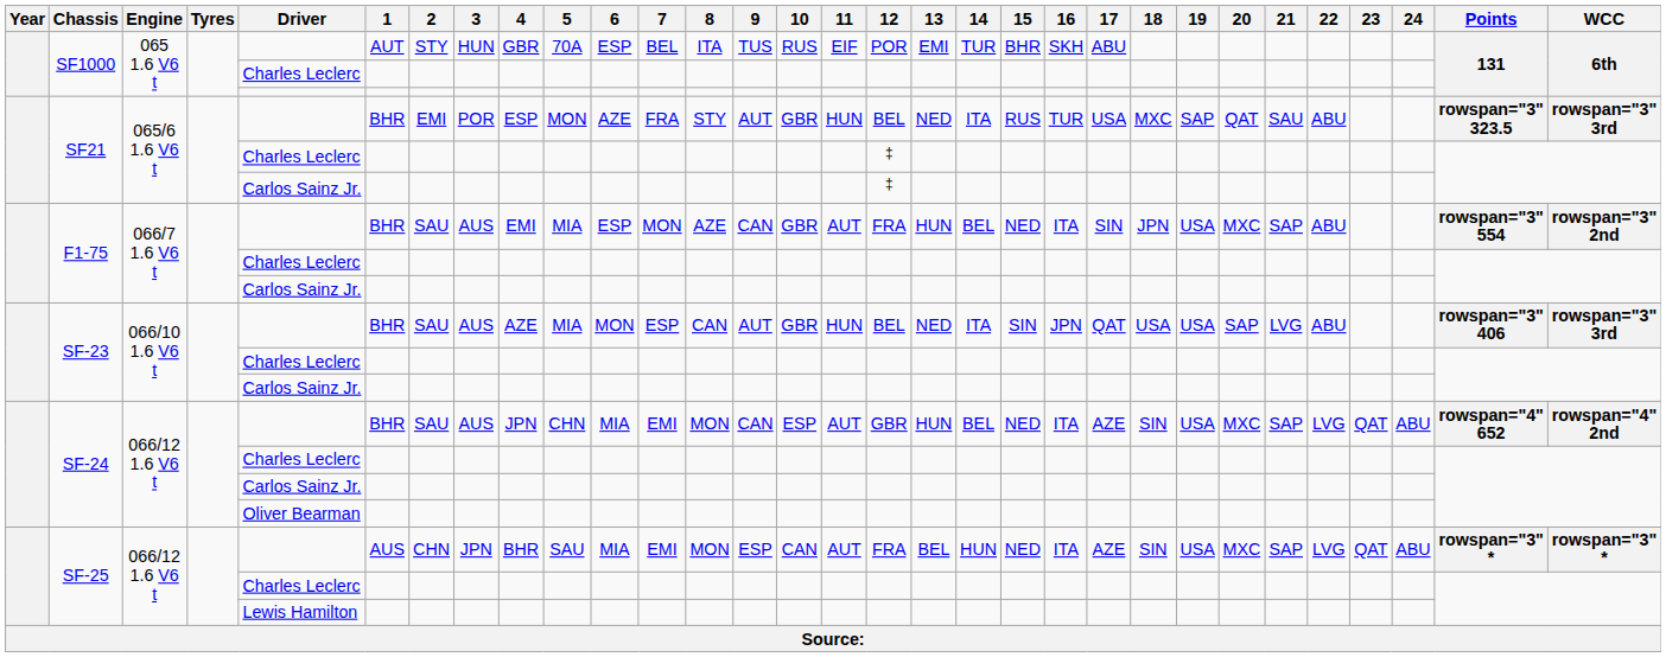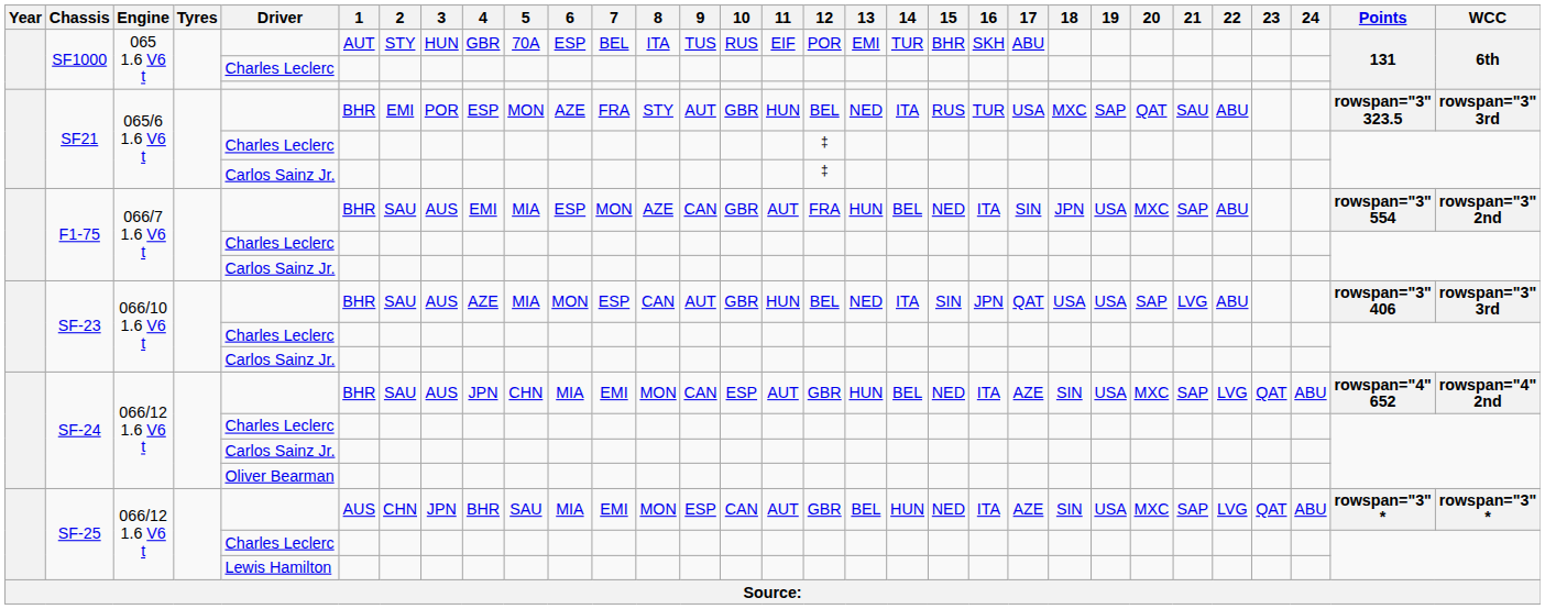 <table class="wikitable" style="text-align:center; font-size:85%">
 <tr>
 <th>Year</th>
 <th>Chassis</th>
 <th>Engine</th>
 <th>Tyres</th>
 <th width="140px">Driver</th>
 <th>1</th>
 <th>2</th>
 <th>3</th>
 <th>4</th>
 <th>5</th>
 <th>6</th>
 <th>7</th>
 <th>8</th>
 <th>9</th>
 <th>10</th>
 <th>11</th>
 <th>12</th>
 <th>13</th>
 <th>14</th>
 <th>15</th>
 <th>16</th>
 <th>17</th>
 <th>18</th>
 <th>19</th>
 <th>20</th>
 <th>21</th>
 <th>22</th>
 <th>23</th>
 <th>24</th>
 <th><a href='#'>Points</a></th>
 <th>WCC</th>
 </tr>
 <tr>
 <th rowspan="3"></th>
 <td rowspan="3"><a href='#'>SF1000</a></td>
 <td rowspan="3">065 1.6 <a href='#'>V6</a> <a href='#'>t</a></td>
 <td rowspan="3"></td>
 <td></td>
 <td><a href='#'>AUT</a></td>
 <td><a href='#'>STY</a></td>
 <td><a href='#'>HUN</a></td>
 <td><a href='#'>GBR</a></td>
 <td><a href='#'>70A</a></td>
 <td><a href='#'>ESP</a></td>
 <td><a href='#'>BEL</a></td>
 <td><a href='#'>ITA</a></td>
 <td><a href='#'>TUS</a></td>
 <td><a href='#'>RUS</a></td>
 <td><a href='#'>EIF</a></td>
 <td><a href='#'>POR</a></td>
 <td><a href='#'>EMI</a></td>
 <td><a href='#'>TUR</a></td>
 <td><a href='#'>BHR</a></td>
 <td><a href='#'>SKH</a></td>
 <td><a href='#'>ABU</a></td>
 <td></td>
 <td></td>
 <td></td>
 <td></td>
 <td></td>
 <td></td>
 <td></td>
 <th rowspan="3">131</th>
 <th rowspan="3">6th</th>
 </tr>
 <tr>
 <td align="left"> <a href='#'>Charles Leclerc</a></td>
 <td></td>
 <td></td>
 <td></td>
 <td></td>
 <td></td>
 <td></td>
 <td></td>
 <td></td>
 <td></td>
 <td></td>
 <td></td>
 <td></td>
 <td></td>
 <td></td>
 <td></td>
 <td></td>
 <td></td>
 <td></td>
 <td></td>
 <td></td>
 <td></td>
 <td></td>
 <td></td>
 <td></td>
 </tr>
 <tr>
 <td align="left"></td>
 <td></td>
 <td></td>
 <td></td>
 <td></td>
 <td></td>
 <td></td>
 <td></td>
 <td></td>
 <td></td>
 <td></td>
 <td></td>
 <td></td>
 <td></td>
 <td></td>
 <td></td>
 <td></td>
 <td></td>
 <td></td>
 <td></td>
 <td></td>
 <td></td>
 <td></td>
 <td></td>
 <td></td>
 </tr>
 <tr>
 <th rowspan="3"></th>
 <td rowspan="3"><a href='#'>SF21</a></td>
 <td rowspan="3">065/6 1.6 <a href='#'>V6</a> <a href='#'>t</a></td>
 <td rowspan="3"></td>
 <td></td>
 <td><a href='#'>BHR</a></td>
 <td><a href='#'>EMI</a></td>
 <td><a href='#'>POR</a></td>
 <td><a href='#'>ESP</a></td>
 <td><a href='#'>MON</a></td>
 <td><a href='#'>AZE</a></td>
 <td><a href='#'>FRA</a></td>
 <td><a href='#'>STY</a></td>
 <td><a href='#'>AUT</a></td>
 <td><a href='#'>GBR</a></td>
 <td><a href='#'>HUN</a></td>
 <td><a href='#'>BEL</a></td>
 <td><a href='#'>NED</a></td>
 <td><a href='#'>ITA</a></td>
 <td><a href='#'>RUS</a></td>
 <td><a href='#'>TUR</a></td>
 <td><a href='#'>USA</a></td>
 <td><a href='#'>MXC</a></td>
 <td><a href='#'>SAP</a></td>
 <td><a href='#'>QAT</a></td>
 <td><a href='#'>SAU</a></td>
 <td><a href='#'>ABU</a></td>
 <td></td>
 <td></td>
 <th>rowspan="3"  323.5</th>
 <th>rowspan="3"  3rd</th>
 </tr>
 <tr>
 <td align="left"> <a href='#'>Charles Leclerc</a></td>
 <td></td>
 <td></td>
 <td></td>
 <td></td>
 <td></td>
 <td></td>
 <td></td>
 <td></td>
 <td></td>
 <td></td>
 <td></td>
 <td><sup>‡</sup></td>
 <td></td>
 <td></td>
 <td></td>
 <td></td>
 <td></td>
 <td></td>
 <td></td>
 <td></td>
 <td></td>
 <td></td>
 <td></td>
 <td></td>
 </tr>
 <tr>
 <td align="left"> <a href='#'>Carlos Sainz Jr.</a></td>
 <td></td>
 <td></td>
 <td></td>
 <td></td>
 <td></td>
 <td></td>
 <td></td>
 <td></td>
 <td></td>
 <td></td>
 <td></td>
 <td><sup>‡</sup></td>
 <td></td>
 <td></td>
 <td></td>
 <td></td>
 <td></td>
 <td></td>
 <td></td>
 <td></td>
 <td></td>
 <td></td>
 <td></td>
 <td></td>
 </tr>
 <tr>
 <th rowspan="3"></th>
 <td rowspan="3"><a href='#'>F1-75</a></td>
 <td rowspan="3">066/7 1.6 <a href='#'>V6</a> <a href='#'>t</a></td>
 <td rowspan="3"></td>
 <td></td>
 <td><a href='#'>BHR</a></td>
 <td><a href='#'>SAU</a></td>
 <td><a href='#'>AUS</a></td>
 <td><a href='#'>EMI</a></td>
 <td><a href='#'>MIA</a></td>
 <td><a href='#'>ESP</a></td>
 <td><a href='#'>MON</a></td>
 <td><a href='#'>AZE</a></td>
 <td><a href='#'>CAN</a></td>
 <td><a href='#'>GBR</a></td>
 <td><a href='#'>AUT</a></td>
 <td><a href='#'>FRA</a></td>
 <td><a href='#'>HUN</a></td>
 <td><a href='#'>BEL</a></td>
 <td><a href='#'>NED</a></td>
 <td><a href='#'>ITA</a></td>
 <td><a href='#'>SIN</a></td>
 <td><a href='#'>JPN</a></td>
 <td><a href='#'>USA</a></td>
 <td><a href='#'>MXC</a></td>
 <td><a href='#'>SAP</a></td>
 <td><a href='#'>ABU</a></td>
 <td></td>
 <td></td>
 <th>rowspan="3"  554</th>
 <th>rowspan="3"  2nd</th>
 </tr>
 <tr>
 <td align="left"> <a href='#'>Charles Leclerc</a></td>
 <td></td>
 <td></td>
 <td></td>
 <td></td>
 <td></td>
 <td></td>
 <td></td>
 <td></td>
 <td></td>
 <td></td>
 <td></td>
 <td></td>
 <td></td>
 <td></td>
 <td></td>
 <td></td>
 <td></td>
 <td></td>
 <td></td>
 <td></td>
 <td></td>
 <td></td>
 <td></td>
 <td></td>
 </tr>
 <tr>
 <td nowrap align="left"> <a href='#'>Carlos Sainz Jr.</a></td>
 <td></td>
 <td></td>
 <td></td>
 <td></td>
 <td></td>
 <td></td>
 <td></td>
 <td></td>
 <td></td>
 <td></td>
 <td></td>
 <td></td>
 <td></td>
 <td></td>
 <td></td>
 <td></td>
 <td></td>
 <td></td>
 <td></td>
 <td></td>
 <td></td>
 <td></td>
 <td></td>
 <td></td>
 </tr>
 <tr>
 <th rowspan="3"></th>
 <td rowspan="3"><a href='#'>SF-23</a></td>
 <td rowspan="3">066/10 1.6 <a href='#'>V6</a> <a href='#'>t</a></td>
 <td rowspan="3"></td>
 <td></td>
 <td><a href='#'>BHR</a></td>
 <td><a href='#'>SAU</a></td>
 <td><a href='#'>AUS</a></td>
 <td><a href='#'>AZE</a></td>
 <td><a href='#'>MIA</a></td>
 <td><a href='#'>MON</a></td>
 <td><a href='#'>ESP</a></td>
 <td><a href='#'>CAN</a></td>
 <td><a href='#'>AUT</a></td>
 <td><a href='#'>GBR</a></td>
 <td><a href='#'>HUN</a></td>
 <td><a href='#'>BEL</a></td>
 <td><a href='#'>NED</a></td>
 <td><a href='#'>ITA</a></td>
 <td><a href='#'>SIN</a></td>
 <td><a href='#'>JPN</a></td>
 <td><a href='#'>QAT</a></td>
 <td><a href='#'>USA</a></td>
 <td><a href='#'>USA</a></td>
 <td><a href='#'>SAP</a></td>
 <td><a href='#'>LVG</a></td>
 <td><a href='#'>ABU</a></td>
 <td></td>
 <td></td>
 <th>rowspan="3"  406</th>
 <th>rowspan="3"  3rd</th>
 </tr>
 <tr>
 <td align="left"> <a href='#'>Charles Leclerc</a></td>
 <td></td>
 <td></td>
 <td></td>
 <td></td>
 <td></td>
 <td></td>
 <td></td>
 <td></td>
 <td></td>
 <td></td>
 <td></td>
 <td></td>
 <td></td>
 <td></td>
 <td></td>
 <td></td>
 <td></td>
 <td></td>
 <td></td>
 <td></td>
 <td></td>
 <td></td>
 <td></td>
 <td></td>
 </tr>
 <tr>
 <td align=left> <a href='#'>Carlos Sainz Jr.</a></td>
 <td></td>
 <td></td>
 <td></td>
 <td></td>
 <td></td>
 <td></td>
 <td></td>
 <td></td>
 <td></td>
 <td></td>
 <td></td>
 <td></td>
 <td></td>
 <td></td>
 <td></td>
 <td></td>
 <td></td>
 <td></td>
 <td></td>
 <td></td>
 <td></td>
 <td></td>
 <td></td>
 <td></td>
 </tr>
 <tr>
 <th rowspan="4"></th>
 <td rowspan="4"><a href='#'>SF-24</a></td>
 <td rowspan="4">066/12 1.6 <a href='#'>V6</a> <a href='#'>t</a></td>
 <td rowspan="4"></td>
 <td></td>
 <td><a href='#'>BHR</a></td>
 <td><a href='#'>SAU</a></td>
 <td><a href='#'>AUS</a></td>
 <td><a href='#'>JPN</a></td>
 <td><a href='#'>CHN</a></td>
 <td><a href='#'>MIA</a></td>
 <td><a href='#'>EMI</a></td>
 <td><a href='#'>MON</a></td>
 <td><a href='#'>CAN</a></td>
 <td><a href='#'>ESP</a></td>
 <td><a href='#'>AUT</a></td>
 <td><a href='#'>GBR</a></td>
 <td><a href='#'>HUN</a></td>
 <td><a href='#'>BEL</a></td>
 <td><a href='#'>NED</a></td>
 <td><a href='#'>ITA</a></td>
 <td><a href='#'>AZE</a></td>
 <td><a href='#'>SIN</a></td>
 <td><a href='#'>USA</a></td>
 <td><a href='#'>MXC</a></td>
 <td><a href='#'>SAP</a></td>
 <td><a href='#'>LVG</a></td>
 <td><a href='#'>QAT</a></td>
 <td><a href='#'>ABU</a></td>
 <th>rowspan="4"  652</th>
 <th>rowspan="4"  2nd</th>
 </tr>
 <tr>
 <td align="left"> <a href='#'>Charles Leclerc</a></td>
 <td></td>
 <td></td>
 <td></td>
 <td></td>
 <td></td>
 <td></td>
 <td></td>
 <td></td>
 <td></td>
 <td></td>
 <td></td>
 <td></td>
 <td></td>
 <td></td>
 <td></td>
 <td></td>
 <td></td>
 <td></td>
 <td></td>
 <td></td>
 <td></td>
 <td></td>
 <td></td>
 <td></td>
 </tr>
 <tr>
 <td align=left> <a href='#'>Carlos Sainz Jr.</a></td>
 <td></td>
 <td></td>
 <td></td>
 <td></td>
 <td></td>
 <td></td>
 <td></td>
 <td></td>
 <td></td>
 <td></td>
 <td></td>
 <td></td>
 <td></td>
 <td></td>
 <td></td>
 <td></td>
 <td></td>
 <td></td>
 <td></td>
 <td></td>
 <td></td>
 <td></td>
 <td></td>
 <td></td>
 </tr>
 <tr>
 <td align=left> <a href='#'>Oliver Bearman</a></td>
 <td></td>
 <td></td>
 <td></td>
 <td></td>
 <td></td>
 <td></td>
 <td></td>
 <td></td>
 <td></td>
 <td></td>
 <td></td>
 <td></td>
 <td></td>
 <td></td>
 <td></td>
 <td></td>
 <td></td>
 <td></td>
 <td></td>
 <td></td>
 <td></td>
 <td></td>
 <td></td>
 <td></td>
 </tr>
 <tr>
 <th rowspan="3"></th>
 <td rowspan="3"><a href='#'>SF-25</a></td>
 <td rowspan="3">066/12 1.6 <a href='#'>V6</a> <a href='#'>t</a></td>
 <td rowspan="3"></td>
 <td></td>
 <td><a href='#'>AUS</a></td>
 <td><a href='#'>CHN</a></td>
 <td><a href='#'>JPN</a></td>
 <td><a href='#'>BHR</a></td>
 <td><a href='#'>SAU</a></td>
 <td><a href='#'>MIA</a></td>
 <td><a href='#'>EMI</a></td>
 <td><a href='#'>MON</a></td>
 <td><a href='#'>ESP</a></td>
 <td><a href='#'>CAN</a></td>
 <td><a href='#'>AUT</a></td>
-<td><a href='#'>FRA</a></td>
+<td><a href='#'>GBR</a></td>
 <td><a href='#'>BEL</a></td>
 <td><a href='#'>HUN</a></td>
 <td><a href='#'>NED</a></td>
 <td><a href='#'>ITA</a></td>
 <td><a href='#'>AZE</a></td>
 <td><a href='#'>SIN</a></td>
 <td><a href='#'>USA</a></td>
 <td><a href='#'>MXC</a></td>
 <td><a href='#'>SAP</a></td>
 <td><a href='#'>LVG</a></td>
 <td><a href='#'>QAT</a></td>
 <td><a href='#'>ABU</a></td>
 <th>rowspan="3" *</th>
 <th>rowspan="3" *</th>
 </tr>
 <tr>
 <td align=left> <a href='#'>Charles Leclerc</a></td>
 <td></td>
 <td></td>
 <td></td>
 <td></td>
 <td></td>
 <td></td>
 <td></td>
 <td></td>
 <td></td>
 <td></td>
 <td></td>
 <td></td>
 <td></td>
 <td></td>
 <td></td>
 <td></td>
 <td></td>
 <td></td>
 <td></td>
 <td></td>
 <td></td>
 <td></td>
 <td></td>
 <td></td>
 </tr>
 <tr>
 <td align=left> <a href='#'>Lewis Hamilton</a></td>
 <td></td>
 <td></td>
 <td></td>
 <td></td>
 <td></td>
 <td></td>
 <td></td>
 <td></td>
 <td></td>
 <td></td>
 <td></td>
 <td></td>
 <td></td>
 <td></td>
 <td></td>
 <td></td>
 <td></td>
 <td></td>
 <td></td>
 <td></td>
 <td></td>
 <td></td>
 <td></td>
 <td></td>
 </tr>
 <tr>
 <th colspan="31">Source:</th>
 </tr>
 </table>
